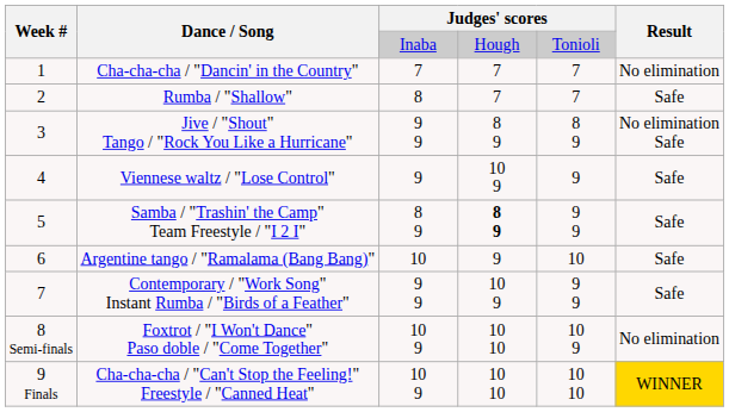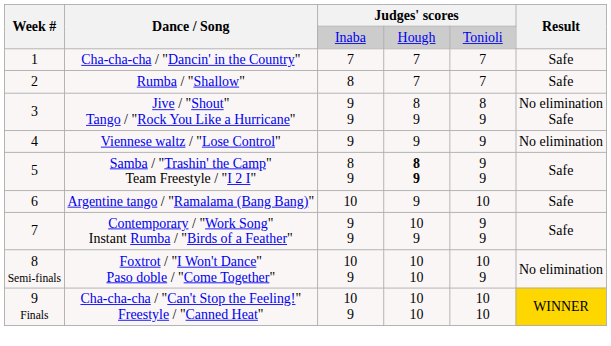 <table class="wikitable collapsible" style="text-align:center;">
 <tr style="text-align:center;">
 <th rowspan="2" bgcolor="#CCCCCC" align="Center">Week #</th>
 <th rowspan="2" bgcolor="#CCCCCC" align="Center">Dance / Song</th>
 <th colspan="3" bgcolor="#CCCCCC" align="Center">Judges' scores</th>
 <th rowspan="2" bgcolor="#CCCCCC" align="Center">Result</th>
 </tr>
 <tr>
 <td bgcolor="#CCCCCC" width="11%" align="center"><a href='#'>Inaba</a></td>
 <td bgcolor="#CCCCCC" width="11%" align="center"><a href='#'>Hough</a></td>
 <td bgcolor="#CCCCCC" width="11%" align="center"><a href='#'>Tonioli</a></td>
 </tr>
 <tr>
 <td bgcolor="FAF6F6">1</td>
 <td align="center" bgcolor="FAF6F6"><a href='#'>Cha-cha-cha</a> / "<a href='#'>Dancin' in the Country</a>"</td>
 <td bgcolor="FAF6F6">7</td>
 <td bgcolor="FAF6F6">7</td>
 <td bgcolor="FAF6F6">7</td>
-<td bgcolor="FAF6F6">No elimination</td>
+<td bgcolor="FAF6F6">Safe</td>
 </tr>
 <tr>
 <td bgcolor="FAF6F6">2</td>
 <td align="center" bgcolor="FAF6F6"><a href='#'>Rumba</a> / "<a href='#'>Shallow</a>"</td>
 <td bgcolor="FAF6F6">8</td>
 <td bgcolor="FAF6F6">7</td>
 <td bgcolor="FAF6F6">7</td>
 <td bgcolor="FAF6F6">Safe</td>
 </tr>
 <tr>
 <td bgcolor="FAF6F6">3</td>
 <td align="center" bgcolor="FAF6F6"><a href='#'>Jive</a> / "<a href='#'>Shout</a>"<br><a href='#'>Tango</a> / "<a href='#'>Rock You Like a Hurricane</a>"</td>
 <td bgcolor="FAF6F6">9<br>9</td>
 <td bgcolor="FAF6F6">8<br>9</td>
 <td bgcolor="FAF6F6">8<br>9</td>
 <td bgcolor="FAF6F6">No elimination<br>Safe</td>
 </tr>
 <tr>
 <td bgcolor="FAF6F6">4</td>
 <td align="center" bgcolor="FAF6F6"><a href='#'>Viennese waltz</a> / "<a href='#'>Lose Control</a>"</td>
 <td bgcolor="FAF6F6">9</td>
-<td bgcolor="FAF6F6">10<br>9</td>
 <td bgcolor="FAF6F6">9</td>
-<td bgcolor="FAF6F6">Safe</td>
+<td bgcolor="FAF6F6">9</td>
+<td bgcolor="FAF6F6">No elimination</td>
 </tr>
 <tr>
 <td bgcolor="FAF6F6">5</td>
 <td align="center" bgcolor="FAF6F6"><a href='#'>Samba</a> / "<a href='#'>Trashin' the Camp</a>"<br>Team Freestyle / "<a href='#'>I 2 I</a>"</td>
 <td bgcolor="FAF6F6">8<br>9</td>
 <td bgcolor="FAF6F6"><strong>8<br>9</strong></td>
 <td bgcolor="FAF6F6">9<br>9</td>
 <td bgcolor="FAF6F6">Safe</td>
 </tr>
 <tr>
 <td bgcolor="FAF6F6">6</td>
 <td align="center" bgcolor="FAF6F6"><a href='#'>Argentine tango</a> / "<a href='#'>Ramalama (Bang Bang)</a>"</td>
 <td bgcolor="FAF6F6">10</td>
 <td bgcolor="FAF6F6">9</td>
 <td bgcolor="FAF6F6">10</td>
 <td bgcolor="FAF6F6">Safe</td>
 </tr>
 <tr>
 <td bgcolor="FAF6F6">7</td>
 <td align="center" bgcolor="FAF6F6"><a href='#'>Contemporary</a> / "<a href='#'>Work Song</a>"<br>Instant <a href='#'>Rumba</a> / "<a href='#'>Birds of a Feather</a>"</td>
 <td bgcolor="FAF6F6">9<br>9</td>
 <td bgcolor="FAF6F6">10<br>9</td>
 <td bgcolor="FAF6F6">9<br>9</td>
 <td bgcolor="FAF6F6">Safe</td>
 </tr>
 <tr>
 <td bgcolor="FAF6F6">8<br><small>Semi-finals</small></td>
 <td align="center" bgcolor="FAF6F6"><a href='#'>Foxtrot</a> / "<a href='#'>I Won't Dance</a>"<br><a href='#'>Paso doble</a> / "<a href='#'>Come Together</a>"</td>
 <td bgcolor="FAF6F6">10<br>9</td>
 <td bgcolor="FAF6F6">10<br>10</td>
 <td bgcolor="FAF6F6">10<br>9</td>
 <td bgcolor="FAF6F6">No elimination</td>
 </tr>
 <tr>
 <td bgcolor="FAF6F6">9<br><small>Finals</small></td>
 <td align="center" bgcolor="FAF6F6"><a href='#'>Cha-cha-cha</a> / "<a href='#'>Can't Stop the Feeling!</a>"<br><a href='#'>Freestyle</a> / "<a href='#'>Canned Heat</a>"</td>
 <td bgcolor="FAF6F6">10<br>9</td>
 <td bgcolor="FAF6F6">10<br>10</td>
 <td bgcolor="FAF6F6">10<br>10</td>
 <td bgcolor="gold">WINNER</td>
 </tr>
 </table>
